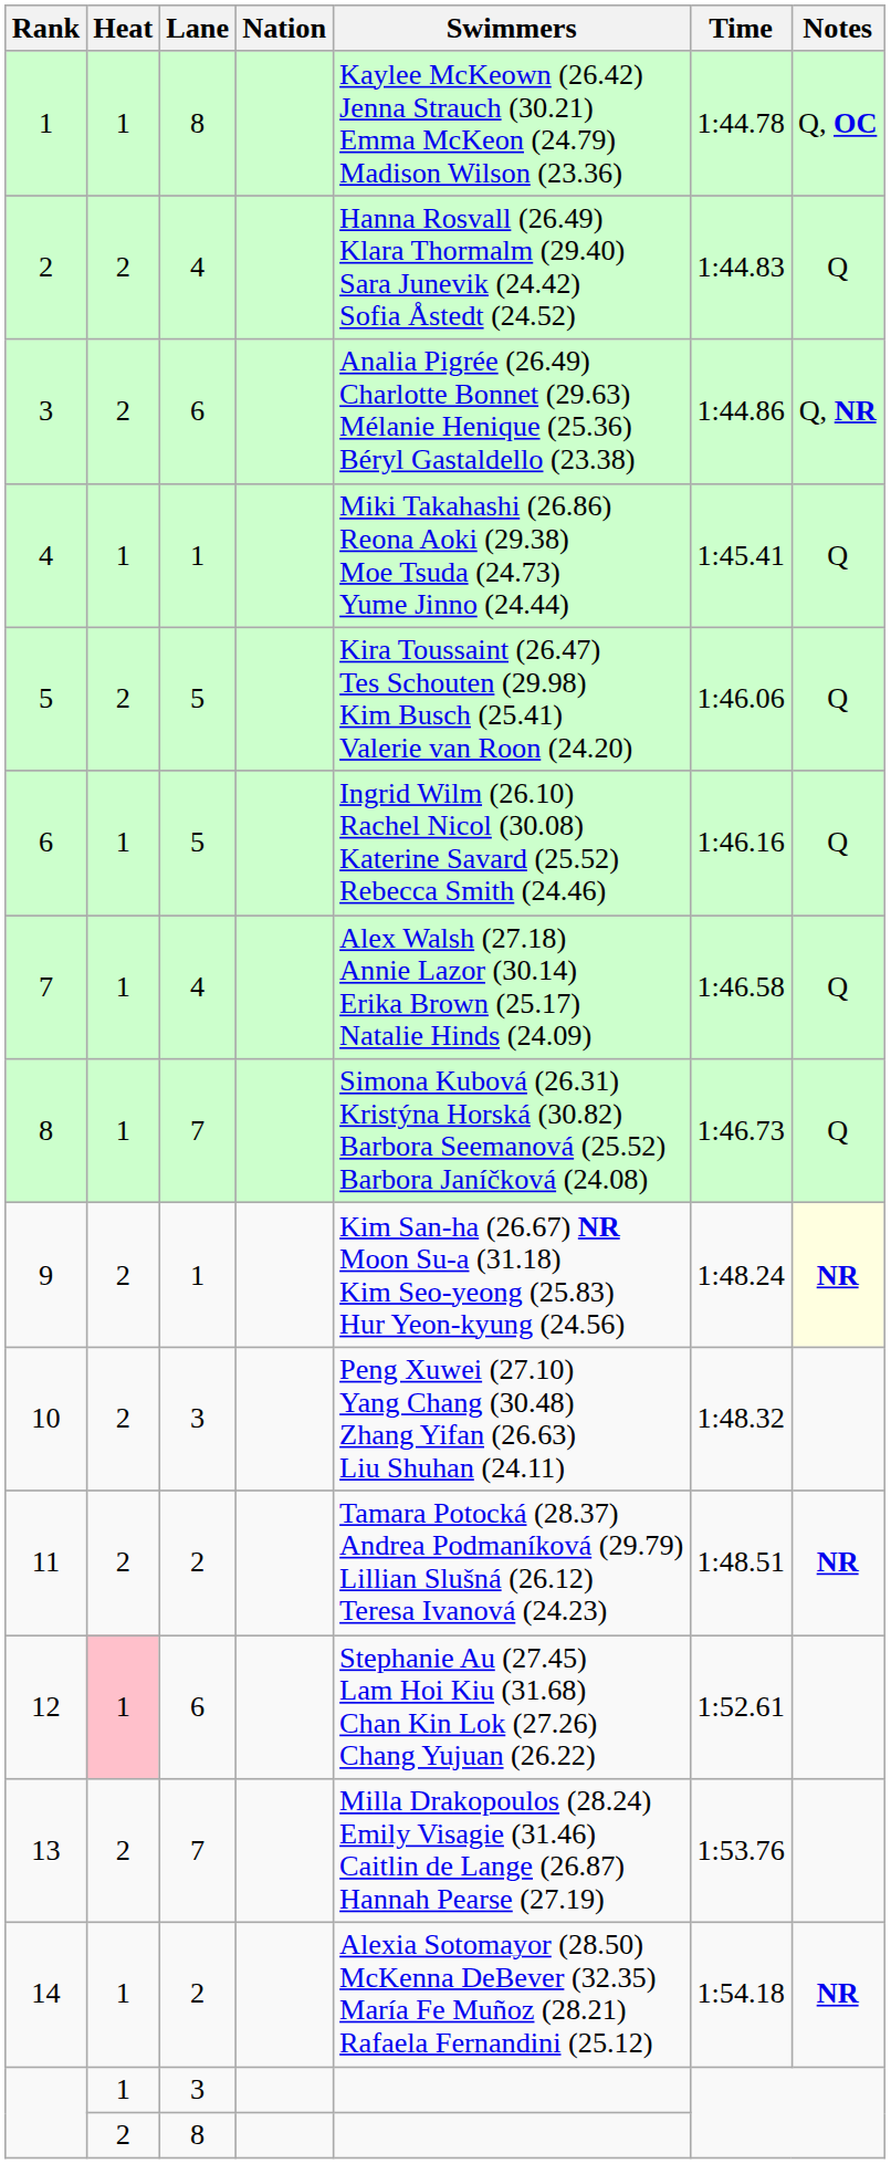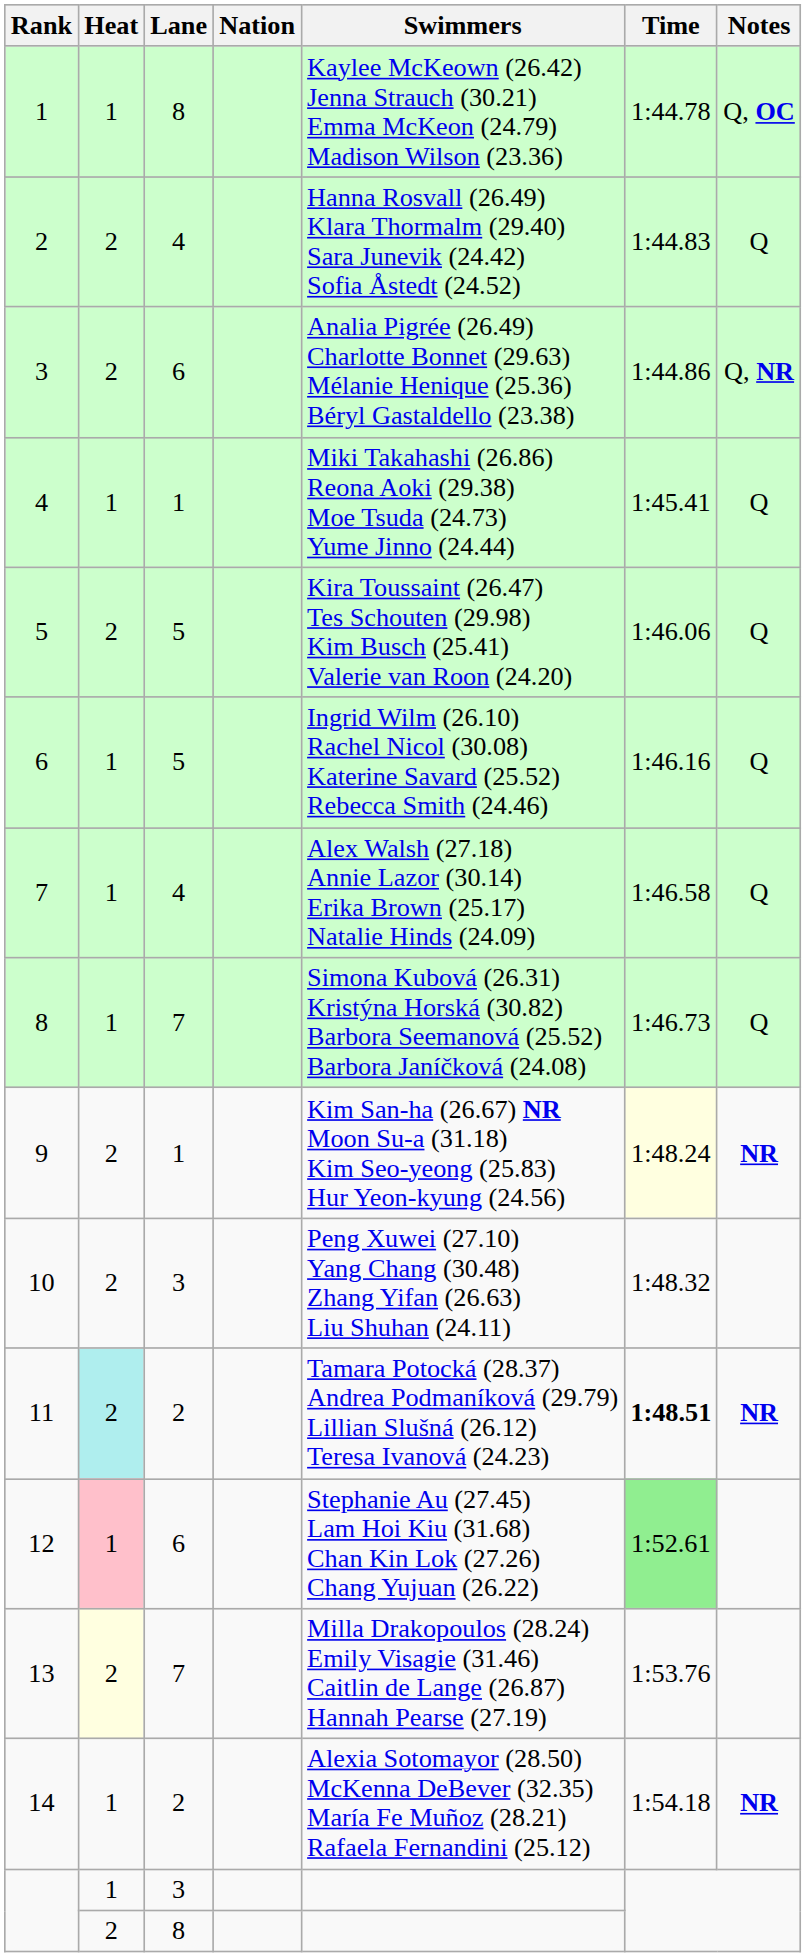 <table class="wikitable sortable" style="text-align:center">
 <tr>
 <th>Rank</th>
 <th>Heat</th>
 <th>Lane</th>
 <th>Nation</th>
 <th>Swimmers</th>
 <th>Time</th>
 <th>Notes</th>
 </tr>
 <tr bgcolor=ccffcc>
 <td>1</td>
 <td>1</td>
 <td>8</td>
 <td align=left></td>
 <td align=left><a href='#'>Kaylee McKeown</a> (26.42)<br><a href='#'>Jenna Strauch</a> (30.21)<br><a href='#'>Emma McKeon</a> (24.79)<br><a href='#'>Madison Wilson</a> (23.36)</td>
 <td>1:44.78</td>
 <td>Q, <strong><a href='#'>OC</a></strong></td>
 </tr>
 <tr bgcolor=ccffcc>
 <td>2</td>
 <td>2</td>
 <td>4</td>
 <td align=left></td>
 <td align=left><a href='#'>Hanna Rosvall</a> (26.49)<br><a href='#'>Klara Thormalm</a> (29.40)<br><a href='#'>Sara Junevik</a> (24.42)<br><a href='#'>Sofia Åstedt</a> (24.52)</td>
 <td>1:44.83</td>
 <td>Q</td>
 </tr>
 <tr bgcolor=ccffcc>
 <td>3</td>
 <td>2</td>
 <td>6</td>
 <td align=left></td>
 <td align=left><a href='#'>Analia Pigrée</a> (26.49)<br><a href='#'>Charlotte Bonnet</a> (29.63)<br><a href='#'>Mélanie Henique</a> (25.36)<br><a href='#'>Béryl Gastaldello</a> (23.38)</td>
 <td>1:44.86</td>
 <td>Q, <strong><a href='#'>NR</a></strong></td>
 </tr>
 <tr bgcolor=ccffcc>
 <td>4</td>
 <td>1</td>
 <td>1</td>
 <td align=left></td>
 <td align=left><a href='#'>Miki Takahashi</a> (26.86)<br><a href='#'>Reona Aoki</a> (29.38)<br><a href='#'>Moe Tsuda</a> (24.73)<br><a href='#'>Yume Jinno</a> (24.44)</td>
 <td>1:45.41</td>
 <td>Q</td>
 </tr>
 <tr bgcolor=ccffcc>
 <td>5</td>
 <td>2</td>
 <td>5</td>
 <td align=left></td>
 <td align=left><a href='#'>Kira Toussaint</a> (26.47)<br><a href='#'>Tes Schouten</a> (29.98)<br><a href='#'>Kim Busch</a> (25.41)<br><a href='#'>Valerie van Roon</a> (24.20)</td>
 <td>1:46.06</td>
 <td>Q</td>
 </tr>
 <tr bgcolor=ccffcc>
 <td>6</td>
 <td>1</td>
 <td>5</td>
 <td align=left></td>
 <td align=left><a href='#'>Ingrid Wilm</a> (26.10)<br><a href='#'>Rachel Nicol</a> (30.08)<br><a href='#'>Katerine Savard</a> (25.52)<br><a href='#'>Rebecca Smith</a> (24.46)</td>
 <td>1:46.16</td>
 <td>Q</td>
 </tr>
 <tr bgcolor=ccffcc>
 <td>7</td>
 <td>1</td>
 <td>4</td>
 <td align=left></td>
 <td align=left><a href='#'>Alex Walsh</a> (27.18)<br><a href='#'>Annie Lazor</a> (30.14)<br><a href='#'>Erika Brown</a> (25.17)<br><a href='#'>Natalie Hinds</a> (24.09)</td>
 <td>1:46.58</td>
 <td>Q</td>
 </tr>
 <tr bgcolor=ccffcc>
 <td>8</td>
 <td>1</td>
 <td>7</td>
 <td align=left></td>
 <td align=left><a href='#'>Simona Kubová</a> (26.31)<br><a href='#'>Kristýna Horská</a> (30.82)<br><a href='#'>Barbora Seemanová</a> (25.52)<br><a href='#'>Barbora Janíčková</a> (24.08)</td>
 <td>1:46.73</td>
 <td>Q</td>
 </tr>
 <tr>
 <td>9</td>
 <td>2</td>
 <td>1</td>
 <td align=left></td>
 <td align=left><a href='#'>Kim San-ha</a> (26.67) <strong><a href='#'>NR</a></strong><br><a href='#'>Moon Su-a</a> (31.18)<br><a href='#'>Kim Seo-yeong</a> (25.83)<br><a href='#'>Hur Yeon-kyung</a> (24.56)</td>
-<td>1:48.24</td>
-<td style="background: lightyellow;"><strong><a href='#'>NR</a></strong></td>
+<td style="background: lightyellow;">1:48.24</td>
+<td><strong><a href='#'>NR</a></strong></td>
 </tr>
 <tr>
 <td>10</td>
 <td>2</td>
 <td>3</td>
 <td align=left></td>
 <td align=left><a href='#'>Peng Xuwei</a> (27.10)<br><a href='#'>Yang Chang</a> (30.48)<br><a href='#'>Zhang Yifan</a> (26.63)<br><a href='#'>Liu Shuhan</a> (24.11)</td>
 <td>1:48.32</td>
 <td></td>
 </tr>
 <tr>
 <td>11</td>
-<td>2</td>
+<td style="background: paleturquoise;">2</td>
 <td>2</td>
 <td align=left></td>
 <td align=left><a href='#'>Tamara Potocká</a> (28.37)<br><a href='#'>Andrea Podmaníková</a> (29.79)<br><a href='#'>Lillian Slušná</a> (26.12)<br><a href='#'>Teresa Ivanová</a> (24.23)</td>
-<td>1:48.51</td>
+<td><strong>1:48.51</strong></td>
 <td><strong><a href='#'>NR</a></strong></td>
 </tr>
 <tr>
 <td>12</td>
 <td style="background: pink;">1</td>
 <td>6</td>
 <td align=left></td>
 <td align=left><a href='#'>Stephanie Au</a> (27.45)<br><a href='#'>Lam Hoi Kiu</a> (31.68)<br><a href='#'>Chan Kin Lok</a> (27.26)<br><a href='#'>Chang Yujuan</a> (26.22)</td>
-<td>1:52.61</td>
+<td style="background: lightgreen;">1:52.61</td>
 <td></td>
 </tr>
 <tr>
 <td>13</td>
-<td>2</td>
+<td style="background: lightyellow;">2</td>
 <td>7</td>
 <td align=left></td>
 <td align=left><a href='#'>Milla Drakopoulos</a> (28.24)<br><a href='#'>Emily Visagie</a> (31.46)<br><a href='#'>Caitlin de Lange</a> (26.87)<br><a href='#'>Hannah Pearse</a> (27.19)</td>
 <td>1:53.76</td>
 <td></td>
 </tr>
 <tr>
 <td>14</td>
 <td>1</td>
 <td>2</td>
 <td align=left></td>
 <td align=left><a href='#'>Alexia Sotomayor</a> (28.50)<br><a href='#'>McKenna DeBever</a> (32.35)<br><a href='#'>María Fe Muñoz</a> (28.21)<br><a href='#'>Rafaela Fernandini</a> (25.12)</td>
 <td>1:54.18</td>
 <td><strong><a href='#'>NR</a></strong></td>
 </tr>
 <tr>
 <td rowspan=2></td>
 <td>1</td>
 <td>3</td>
 <td align=left></td>
 <td align=left></td>
 <td colspan=2 rowspan=2></td>
 </tr>
 <tr>
 <td>2</td>
 <td>8</td>
 <td align=left></td>
 <td></td>
 </tr>
 </table>
